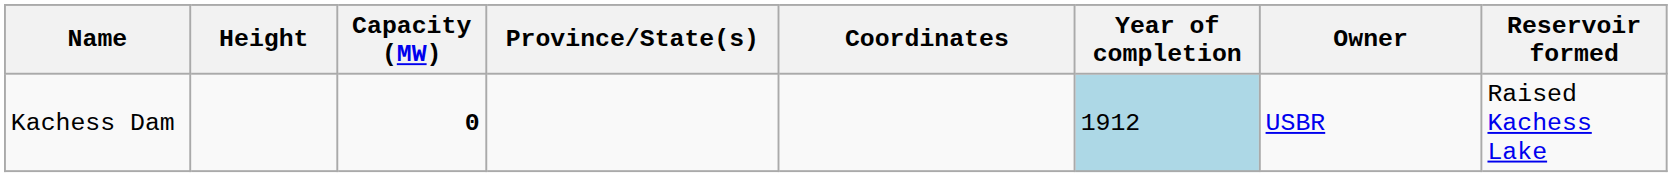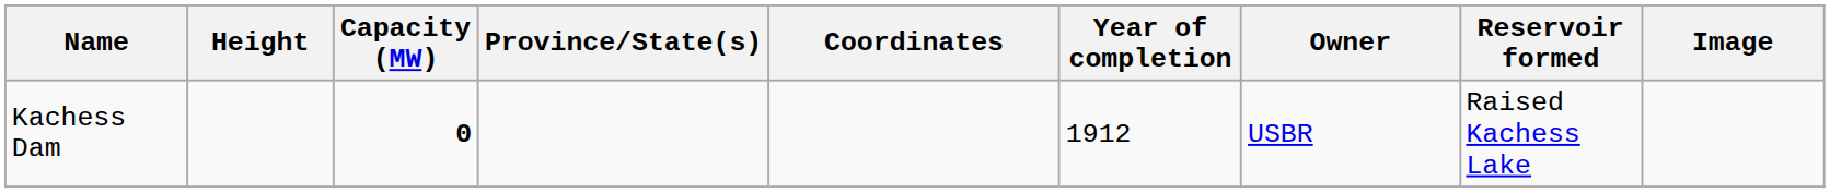 <table class="wikitable sortable" border="1">
 <tr>
 <th width="10%">Name</th>
 <th width="8%">Height</th>
 <th width="8%">Capacity (<a href='#'>MW</a>)</th>
 <th width="15%">Province/State(s)</th>
 <th width="16%">Coordinates</th>
 <th width="10%">Year of completion</th>
 <th width="12%">Owner</th>
 <th width="10%">Reservoir formed</th>
+<th>Image</th>
 </tr>
 <tr>
 <td>Kachess Dam</td>
 <td></td>
 <td align="right"><strong>0</strong></td>
 <td></td>
 <td></td>
-<td style="background: lightblue;">1912</td>
+<td>1912</td>
 <td><a href='#'>USBR</a></td>
 <td>Raised <a href='#'>Kachess Lake</a></td>
+<td></td>
 </tr>
 </table>
